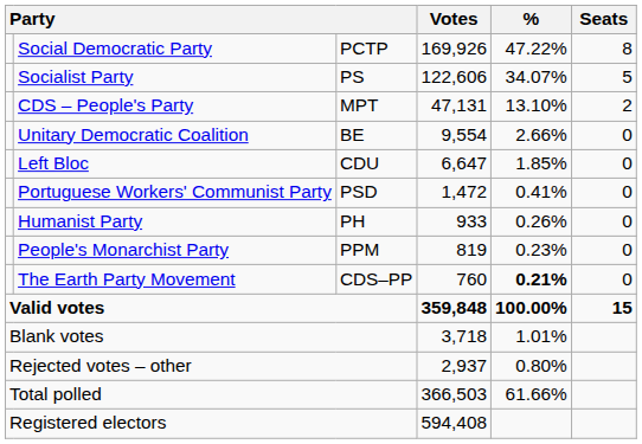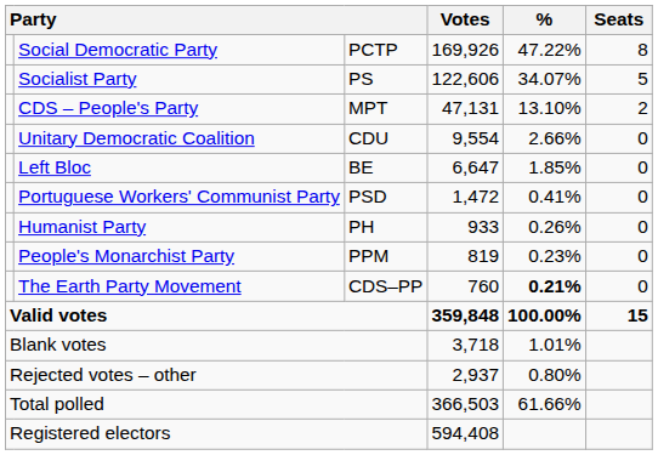 <table class="wikitable" border="1" style="text-align:right;">
 <tr>
 <th style="text-align:left;" colspan=3>Party</th>
 <th align=center width="50">Votes</th>
 <th align=center width="50">%</th>
 <th align=center width="50">Seats</th>
 </tr>
 <tr>
 <td></td>
 <td align=left><a href='#'>Social Democratic Party</a></td>
 <td align=left>PCTP</td>
 <td>169,926</td>
 <td>47.22%</td>
 <td>8</td>
 </tr>
 <tr>
 <td></td>
 <td align=left><a href='#'>Socialist Party</a></td>
 <td align=left>PS</td>
 <td>122,606</td>
 <td>34.07%</td>
 <td>5</td>
 </tr>
 <tr>
 <td></td>
 <td align=left><a href='#'>CDS – People's Party</a></td>
 <td align=left>MPT</td>
 <td>47,131</td>
 <td>13.10%</td>
 <td>2</td>
 </tr>
 <tr>
 <td></td>
 <td align=left style="white-space: nowrap;"><a href='#'>Unitary Democratic Coalition</a></td>
-<td align=left>BE</td>
+<td align=left>CDU</td>
 <td>9,554</td>
 <td>2.66%</td>
 <td>0</td>
 </tr>
 <tr>
 <td></td>
 <td align=left><a href='#'>Left Bloc</a></td>
-<td align=left>CDU</td>
+<td align=left>BE</td>
 <td>6,647</td>
 <td>1.85%</td>
 <td>0</td>
 </tr>
 <tr>
 <td></td>
 <td align=left><a href='#'>Portuguese Workers' Communist Party</a></td>
 <td align=left>PSD</td>
 <td>1,472</td>
 <td>0.41%</td>
 <td>0</td>
 </tr>
 <tr>
 <td></td>
 <td align=left><a href='#'>Humanist Party</a></td>
 <td align=left>PH</td>
 <td>933</td>
 <td>0.26%</td>
 <td>0</td>
 </tr>
 <tr>
 <td></td>
 <td align=left><a href='#'>People's Monarchist Party</a></td>
 <td align=left>PPM</td>
 <td>819</td>
 <td>0.23%</td>
 <td>0</td>
 </tr>
 <tr>
 <td></td>
 <td align=left><a href='#'>The Earth Party Movement</a></td>
 <td align=left style="white-space: nowrap;">CDS–PP</td>
 <td>760</td>
 <td><strong>0.21%</strong></td>
 <td>0</td>
 </tr>
 <tr style="font-weight:bold">
 <td align=left colspan=3>Valid votes</td>
 <td>359,848</td>
 <td>100.00%</td>
 <td>15</td>
 </tr>
 <tr>
 <td align=left colspan=3>Blank votes</td>
 <td>3,718</td>
 <td>1.01%</td>
 <td></td>
 </tr>
 <tr>
 <td align=left colspan=3>Rejected votes – other</td>
 <td>2,937</td>
 <td>0.80%</td>
 <td></td>
 </tr>
 <tr>
 <td align=left colspan=3>Total polled</td>
 <td>366,503</td>
 <td>61.66%</td>
 <td></td>
 </tr>
 <tr>
 <td align=left colspan=3>Registered electors</td>
 <td>594,408</td>
 <td></td>
 <td></td>
 </tr>
 </table>
